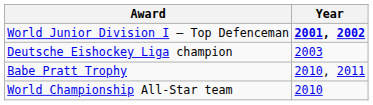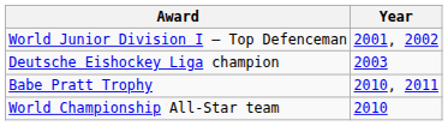 <table class="wikitable" border="1">
 <tr>
 <th>Award</th>
 <th>Year</th>
 </tr>
 <tr>
 <td><a href='#'>World Junior Division I</a> – Top Defenceman</td>
-<td><strong><a href='#'>2001</a>, <a href='#'>2002</a></strong></td>
+<td><a href='#'>2001</a>, <a href='#'>2002</a></td>
 </tr>
 <tr>
 <td><a href='#'>Deutsche Eishockey Liga</a> champion</td>
 <td><a href='#'>2003</a></td>
 </tr>
 <tr>
 <td><a href='#'>Babe Pratt Trophy</a></td>
 <td><a href='#'>2010</a>, <a href='#'>2011</a></td>
 </tr>
 <tr>
 <td><a href='#'>World Championship</a> All-Star team</td>
 <td><a href='#'>2010</a></td>
 </tr>
 </table>
